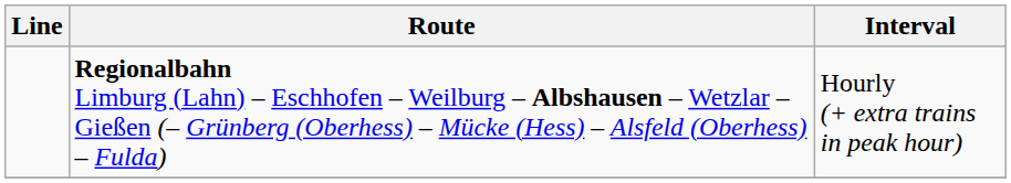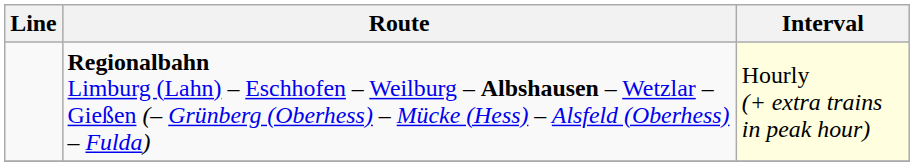 <table class="wikitable">
 <tr>
 <th>Line</th>
 <th>Route</th>
 <th>Interval</th>
 </tr>
 <tr>
 <td></td>
 <td><strong>Regionalbahn</strong><br><a href='#'>Limburg (Lahn)</a> – <a href='#'>Eschhofen</a> – <a href='#'>Weilburg</a> – <strong>Albshausen</strong> – <a href='#'>Wetzlar</a> – <a href='#'>Gießen</a> <em>(– <a href='#'>Grünberg (Oberhess)</a> – <a href='#'>Mücke (Hess)</a> – <a href='#'>Alsfeld (Oberhess)</a> – <a href='#'>Fulda</a>)</em></td>
-<td>Hourly<br> <em>(+ extra trains in peak hour)</em></td>
+<td style="background: lightyellow;">Hourly<br> <em>(+ extra trains in peak hour)</em></td>
 </tr>
 <tr>
 </tr>
 </table>
